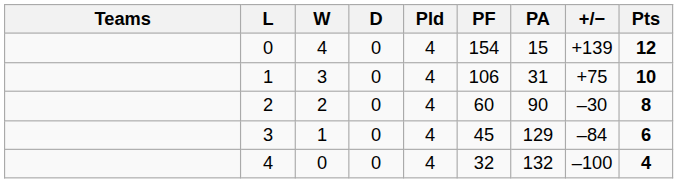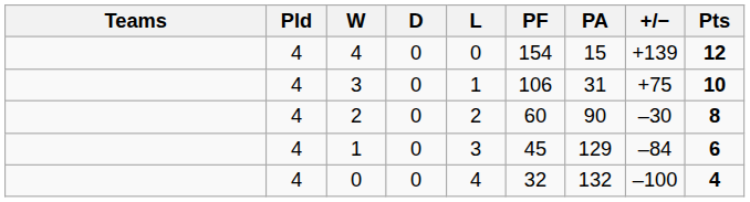 <table class="wikitable" style="text-align: center;">
 <tr>
 <th width="200">Teams</th>
-<th width="40">L</th>
+<th width="40">Pld</th>
 <th width="40">W</th>
 <th width="40">D</th>
-<th width="40">Pld</th>
+<th width="40">L</th>
 <th width="40">PF</th>
 <th width="40">PA</th>
 <th width="40">+/−</th>
 <th width="40">Pts</th>
 </tr>
 <tr>
 <td align="left"></td>
-<td>0</td>
+<td>4</td>
 <td>4</td>
 <td>0</td>
-<td>4</td>
+<td>0</td>
 <td>154</td>
 <td>15</td>
 <td>+139</td>
 <td><strong>12</strong></td>
 </tr>
 <tr>
 <td align="left"></td>
-<td>1</td>
+<td>4</td>
 <td>3</td>
 <td>0</td>
-<td>4</td>
+<td>1</td>
 <td>106</td>
 <td>31</td>
 <td>+75</td>
 <td><strong>10</strong></td>
 </tr>
 <tr>
 <td align="left"></td>
-<td>2</td>
+<td>4</td>
 <td>2</td>
 <td>0</td>
-<td>4</td>
+<td>2</td>
 <td>60</td>
 <td>90</td>
 <td>–30</td>
 <td><strong>8</strong></td>
 </tr>
 <tr>
 <td align="left"></td>
-<td>3</td>
+<td>4</td>
 <td>1</td>
 <td>0</td>
-<td>4</td>
+<td>3</td>
 <td>45</td>
 <td>129</td>
 <td>–84</td>
 <td><strong>6</strong></td>
 </tr>
 <tr>
 <td align="left"></td>
 <td>4</td>
 <td>0</td>
 <td>0</td>
 <td>4</td>
 <td>32</td>
 <td>132</td>
 <td>–100</td>
 <td><strong>4</strong></td>
 </tr>
 </table>
